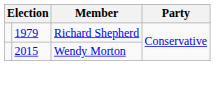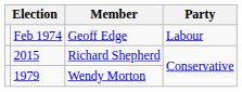 <table class="wikitable">
 <tr>
 <th colspan="2">Election</th>
 <th>Member</th>
 <th>Party</th>
 </tr>
 <tr>
 <td style="color:inherit;background-color: "></td>
-<td><a href='#'>1979</a></td>
+<td><a href='#'>Feb 1974</a></td>
+<td><a href='#'>Geoff Edge</a></td>
+<td><a href='#'>Labour</a></td>
+</tr>
+<tr>
+<td style="color:inherit;background-color: "></td>
+<td><a href='#'>2015</a></td>
 <td><a href='#'>Richard Shepherd</a></td>
 <td rowspan="2"><a href='#'>Conservative</a></td>
 </tr>
 <tr>
 <td style="color:inherit;background-color: "></td>
-<td><a href='#'>2015</a></td>
+<td><a href='#'>1979</a></td>
 <td><a href='#'>Wendy Morton</a></td>
 </tr>
 </table>
